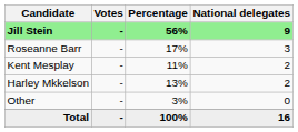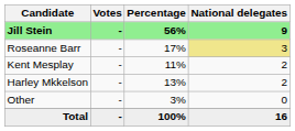 <table class="wikitable" style="text-align:right;">
 <tr>
 <th>Candidate</th>
 <th>Votes</th>
 <th>Percentage</th>
 <th>National delegates</th>
 </tr>
 <tr style="background:lightgreen;">
 <td style="text-align:left;"><strong>Jill Stein</strong></td>
 <td><strong>-</strong></td>
 <td><strong>56%</strong></td>
 <td><strong>9</strong></td>
 </tr>
 <tr>
 <td style="text-align:left;">Roseanne Barr</td>
 <td>-</td>
 <td>17%</td>
-<td>3</td>
+<td style="background: khaki;">3</td>
 </tr>
 <tr>
 <td style="text-align:left;">Kent Mesplay</td>
 <td>-</td>
 <td>11%</td>
 <td>2</td>
 </tr>
 <tr>
 <td style="text-align:left;">Harley Mkkelson</td>
 <td>-</td>
 <td>13%</td>
 <td>2</td>
 </tr>
 <tr>
 <td style="text-align:left;">Other</td>
 <td>-</td>
 <td>3%</td>
 <td>0</td>
 </tr>
 <tr>
 </tr>
 <tr style="background:#eee;">
 <td style="margin-right:0.50px"><strong>Total</strong></td>
 <td style="margin-right:0.50px"><strong>-</strong></td>
 <td style="margin-right:0.50px"><strong>100%</strong></td>
 <td style="margin-right:0.50px"><strong>16</strong></td>
 </tr>
 </table>
